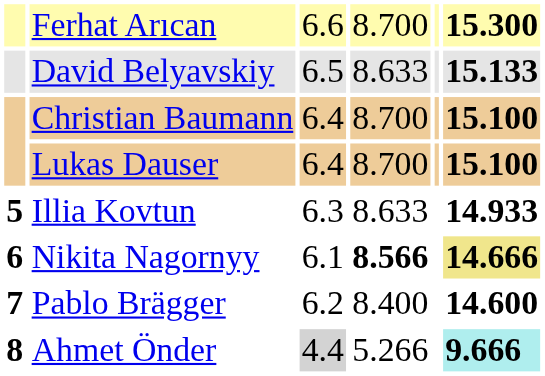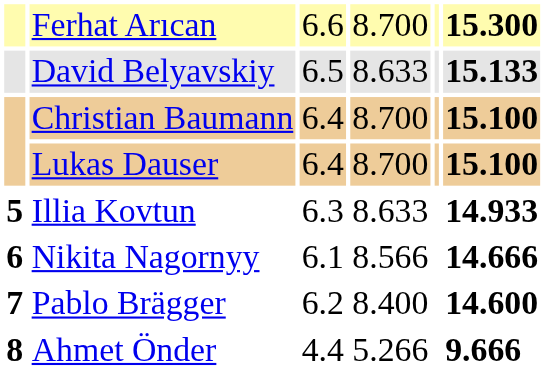 <table>
 <tr style="background:#fffcaf;">
 <th scope=row style="text-align:center"></th>
 <td style="text-align:left;"> <a href='#'>Ferhat Arıcan</a></td>
 <td>6.6</td>
 <td>8.700</td>
 <td></td>
 <td><strong>15.300</strong></td>
 </tr>
 <tr style="background:#e5e5e5;">
 <th scope=row style="text-align:center"></th>
 <td style="text-align:left;"> <a href='#'>David Belyavskiy</a></td>
 <td>6.5</td>
 <td>8.633</td>
 <td></td>
 <td><strong>15.133</strong></td>
 </tr>
 <tr style="background:#ec9;">
 <th rowspan=2 scope=row style="text-align:center"></th>
 <td style="text-align:left;"> <a href='#'>Christian Baumann</a></td>
 <td>6.4</td>
 <td>8.700</td>
 <td></td>
 <td><strong>15.100</strong></td>
 </tr>
 <tr style="background:#ec9;">
 <td style="text-align:left;"> <a href='#'>Lukas Dauser</a></td>
 <td>6.4</td>
 <td>8.700</td>
 <td></td>
 <td><strong>15.100</strong></td>
 </tr>
 <tr>
 <th scope=row style="text-align:center">5</th>
 <td style="text-align:left;"> <a href='#'>Illia Kovtun</a></td>
 <td>6.3</td>
 <td>8.633</td>
 <td></td>
 <td><strong>14.933</strong></td>
 </tr>
 <tr>
 <th scope=row style="text-align:center">6</th>
 <td style="text-align:left;"> <a href='#'>Nikita Nagornyy</a></td>
 <td>6.1</td>
-<td><strong>8.566</strong></td>
+<td>8.566</td>
 <td></td>
-<td style="background: khaki;"><strong>14.666</strong></td>
+<td><strong>14.666</strong></td>
 </tr>
 <tr>
 <th scope=row style="text-align:center">7</th>
 <td style="text-align:left;"> <a href='#'>Pablo Brägger</a></td>
 <td>6.2</td>
 <td>8.400</td>
 <td></td>
 <td><strong>14.600</strong></td>
 </tr>
 <tr>
 <th scope=row style="text-align:center">8</th>
 <td style="text-align:left;"> <a href='#'>Ahmet Önder</a></td>
-<td style="background: lightgrey;">4.4</td>
+<td>4.4</td>
 <td>5.266</td>
 <td></td>
-<td style="background: paleturquoise;"><strong>9.666</strong></td>
+<td><strong>9.666</strong></td>
 </tr>
 </table>
